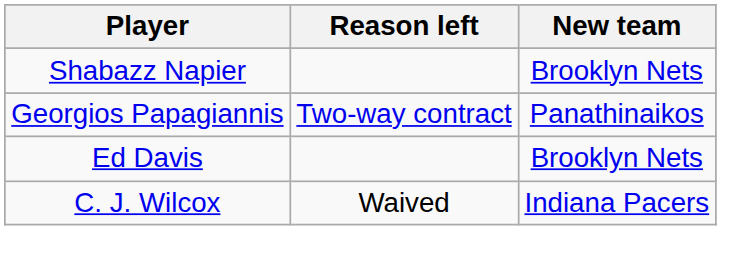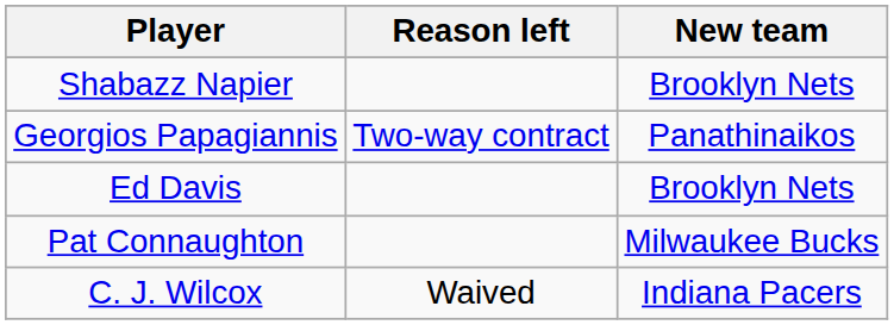 <table class="wikitable sortable sortable" style="text-align: center">
 <tr>
 <th>Player</th>
 <th>Reason left</th>
 <th>New team</th>
 </tr>
 <tr style="text-align: center">
 <td><a href='#'>Shabazz Napier</a></td>
 <td></td>
 <td><a href='#'>Brooklyn Nets</a></td>
 </tr>
 <tr style="text-align: center">
 <td><a href='#'>Georgios Papagiannis</a></td>
 <td><a href='#'>Two-way contract</a></td>
 <td> <a href='#'>Panathinaikos</a></td>
 </tr>
 <tr style="text-align: center">
 <td><a href='#'>Ed Davis</a></td>
 <td></td>
 <td><a href='#'>Brooklyn Nets</a></td>
 </tr>
 <tr>
+<td><a href='#'>Pat Connaughton</a></td>
+<td></td>
+<td><a href='#'>Milwaukee Bucks</a></td>
+</tr>
+<tr>
 <td><a href='#'>C. J. Wilcox</a></td>
 <td>Waived</td>
 <td><a href='#'>Indiana Pacers</a></td>
 </tr>
 </table>
